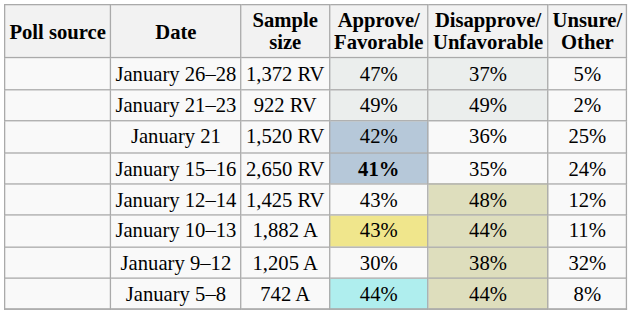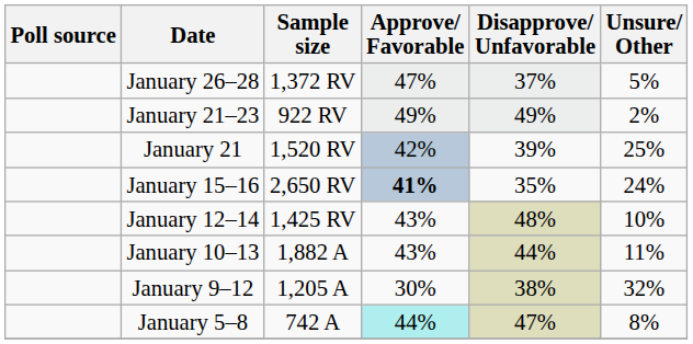 <table class="wikitable sortable collapsible" style="text-align:center;line-height:17px">
 <tr>
 <th>Poll source</th>
 <th>Date</th>
 <th>Sample<br>size</th>
 <th>Approve/<br>Favorable</th>
 <th>Disapprove/<br>Unfavorable</th>
 <th>Unsure/<br>Other</th>
 </tr>
 <tr>
 <td></td>
 <td>January 26–28</td>
 <td>1,372 RV</td>
 <td style="background:#EBEEED;">47%</td>
 <td style="background:#EBEEED;">37%</td>
 <td>5%</td>
 </tr>
 <tr>
 <td></td>
 <td>January 21–23</td>
 <td>922 RV</td>
 <td style="background:#EBEEED;">49%</td>
 <td style="background:#EBEEED;">49%</td>
 <td>2%</td>
 </tr>
 <tr>
 <td></td>
 <td>January 21</td>
 <td>1,520 RV</td>
 <td style="background:#B6C8D9;">42%</td>
-<td>36%</td>
+<td>39%</td>
 <td>25%</td>
 </tr>
 <tr>
 <td></td>
 <td>January 15–16</td>
 <td>2,650 RV</td>
 <td style="background:#B6C8D9;"><strong>41%</strong></td>
 <td>35%</td>
 <td>24%</td>
 </tr>
 <tr>
 <td></td>
 <td>January 12–14</td>
 <td>1,425	RV</td>
 <td>43%</td>
 <td style="background:#DEDEBD;">48%</td>
-<td>12%</td>
+<td>10%</td>
 </tr>
 <tr>
 <td></td>
 <td>January 10–13</td>
 <td>1,882 A</td>
-<td style="background: khaki;">43%</td>
+<td>43%</td>
 <td style="background:#DEDEBD;">44%</td>
 <td>11%</td>
 </tr>
 <tr>
 <td></td>
 <td>January 9–12</td>
 <td>1,205 A</td>
 <td>30%</td>
 <td style="background:#DEDEBD;">38%</td>
 <td>32%</td>
 </tr>
 <tr>
 <td></td>
 <td>January 5–8</td>
 <td>742 A</td>
 <td style="background: paleturquoise;">44%</td>
-<td style="background:#DEDEBD;">44%</td>
+<td style="background:#DEDEBD;">47%</td>
 <td>8%</td>
 </tr>
 <tr>
 </tr>
 </table>
